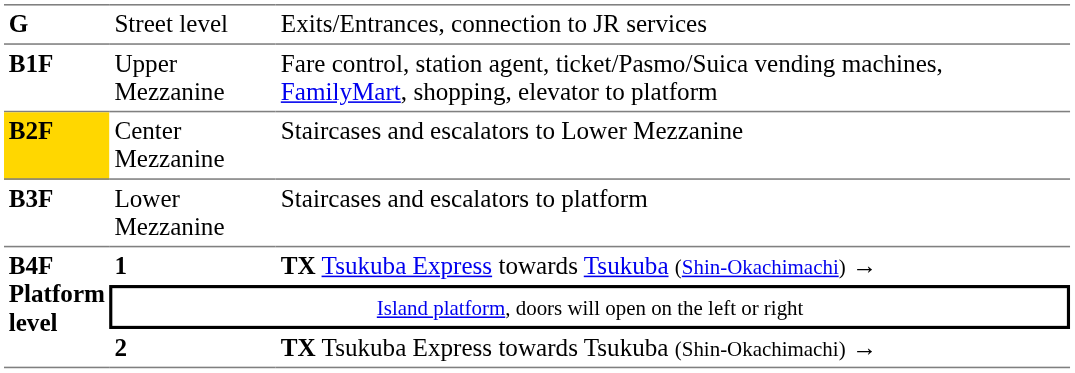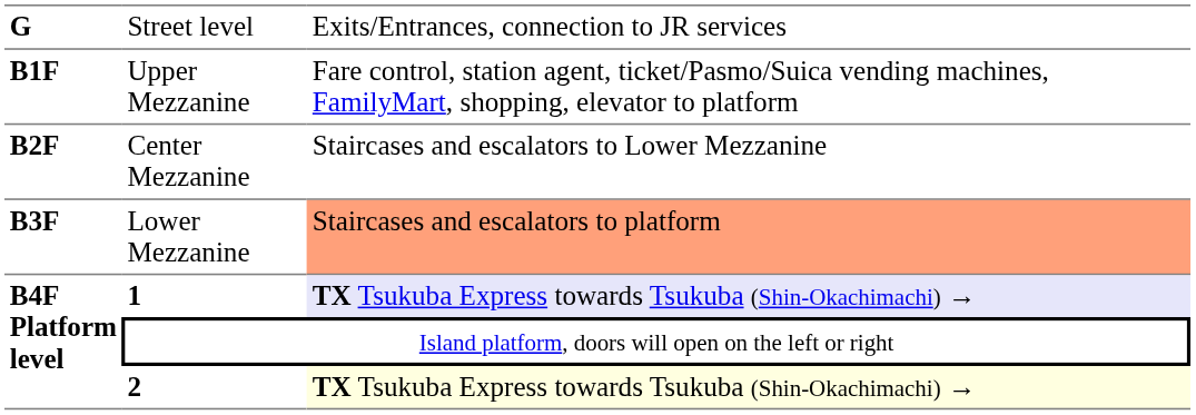 <table border=0 cellspacing=0 cellpadding=3>
 <tr>
 <td style="border-bottom:solid 1px gray;border-top:solid 1px gray;" width=50 valign=top><strong>G</strong></td>
 <td style="border-top:solid 1px gray;border-bottom:solid 1px gray;" width=100 valign=top>Street level</td>
 <td style="border-top:solid 1px gray;border-bottom:solid 1px gray;" width=500 valign=top>Exits/Entrances, connection to JR services</td>
 </tr>
 <tr>
 <td style="border-bottom:solid 1px gray;" valign=top><strong>B1F</strong></td>
 <td style="border-bottom:solid 1px gray;" valign=top>Upper Mezzanine</td>
 <td style="border-bottom:solid 1px gray;" valign=top>Fare control, station agent, ticket/Pasmo/Suica vending machines, <a href='#'>FamilyMart</a>, shopping, elevator to platform</td>
 </tr>
 <tr>
-<td style="background: gold; border-bottom:solid 1px gray;" valign=top rowspan=1><strong>B2F</strong></td>
+<td style="border-bottom:solid 1px gray;" valign=top rowspan=1><strong>B2F</strong></td>
 <td style="border-bottom:solid 1px gray;" valign=top rowspan=1>Center Mezzanine</td>
 <td style="border-bottom:solid 1px gray;" valign=top>Staircases and escalators to Lower Mezzanine</td>
 </tr>
 <tr>
 <td style="border-bottom:solid 1px gray;" valign=top rowspan=1><strong>B3F</strong></td>
 <td style="border-bottom:solid 1px gray;" valign=top rowspan=1>Lower Mezzanine</td>
-<td style="border-bottom:solid 1px gray;" valign=top>Staircases and escalators to platform</td>
+<td style="background: lightsalmon; border-bottom:solid 1px gray;" valign=top>Staircases and escalators to platform</td>
 </tr>
 <tr>
 <td style="border-bottom:solid 1px gray;" width=50 rowspan=3 valign=top><strong>B4F<br>Platform level</strong></td>
 <td width=100><span><strong>1</strong></span></td>
-<td width=500><span><strong>TX</strong></span> <a href='#'>Tsukuba Express</a> towards <a href='#'>Tsukuba</a> <small>(<a href='#'>Shin-Okachimachi</a>)</small> →</td>
+<td width=500 style="background: lavender;"><span><strong>TX</strong></span> <a href='#'>Tsukuba Express</a> towards <a href='#'>Tsukuba</a> <small>(<a href='#'>Shin-Okachimachi</a>)</small> →</td>
 </tr>
 <tr>
 <td style="border-top:solid 2px black;border-right:solid 2px black;border-left:solid 2px black;border-bottom:solid 2px black;text-align:center;" colspan=2><small><a href='#'>Island platform</a>, doors will open on the left or right </small></td>
 </tr>
 <tr>
 <td style="border-bottom:solid 1px gray;"><span><strong>2</strong></span></td>
-<td style="border-bottom:solid 1px gray;"><span><strong>TX</strong></span> Tsukuba Express towards Tsukuba <small>(Shin-Okachimachi)</small> →</td>
+<td style="background: lightyellow; border-bottom:solid 1px gray;"><span><strong>TX</strong></span> Tsukuba Express towards Tsukuba <small>(Shin-Okachimachi)</small> →</td>
 </tr>
 </table>
